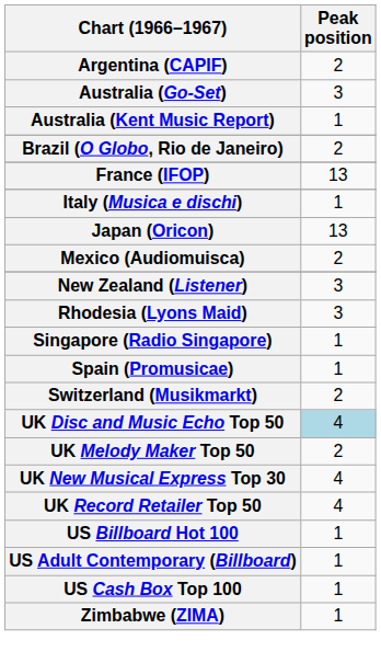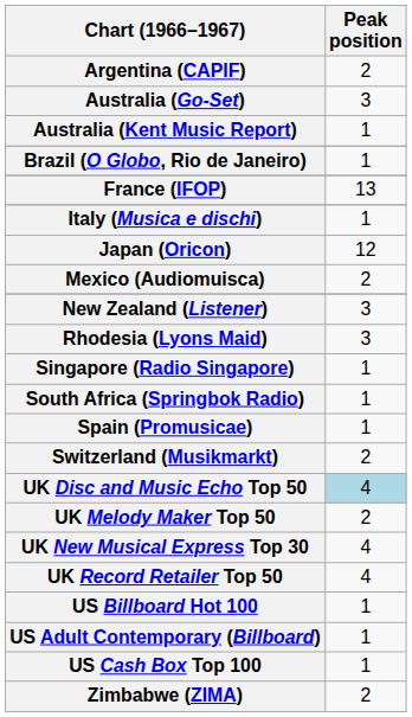 <table class="wikitable sortable plainrowheaders" style="text-align:center">
 <tr>
 <th>Chart (1966–1967)</th>
 <th>Peak<br>position</th>
 </tr>
 <tr>
 <th scope="row">Argentina (<a href='#'>CAPIF</a>) </th>
 <td>2</td>
 </tr>
 <tr>
 <th scope="row">Australia (<em><a href='#'>Go-Set</a></em>)</th>
 <td>3</td>
 </tr>
 <tr>
 <th scope="row">Australia (<a href='#'>Kent Music Report</a>)</th>
 <td>1</td>
 </tr>
 <tr>
 </tr>
 <tr>
 </tr>
 <tr>
 </tr>
 <tr>
 <th scope="row">Brazil (<em><a href='#'>O Globo</a></em>, Rio de Janeiro)</th>
-<td>2</td>
+<td>1</td>
 </tr>
 <tr>
 </tr>
 <tr>
 <th scope="row">France (<a href='#'>IFOP</a>)</th>
 <td align="center">13</td>
 </tr>
 <tr>
 </tr>
 <tr>
 </tr>
 <tr>
 <th scope="row">Italy (<em><a href='#'>Musica e dischi</a></em>)</th>
 <td>1</td>
 </tr>
 <tr>
 <th scope="row">Japan (<a href='#'>Oricon</a>) </th>
-<td>13</td>
+<td>12</td>
 </tr>
 <tr>
 <th scope="row">Mexico (Audiomuisca)</th>
 <td>2</td>
 </tr>
 <tr>
 </tr>
 <tr>
 <th scope="row">New Zealand (<em><a href='#'>Listener</a></em>)</th>
 <td>3</td>
 </tr>
 <tr>
 <th scope="row">Rhodesia (<a href='#'>Lyons Maid</a>)</th>
 <td>3</td>
 </tr>
 <tr>
 <th scope="row">Singapore (<a href='#'>Radio Singapore</a>)</th>
+<td>1</td>
+</tr>
+<tr>
+<th scope="row">South Africa (<a href='#'>Springbok Radio</a>)</th>
 <td>1</td>
 </tr>
 <tr>
 <th scope="row">Spain (<a href='#'>Promusicae</a>)</th>
 <td>1</td>
 </tr>
 <tr>
 <th scope="row">Switzerland (<a href='#'>Musikmarkt</a>)</th>
 <td>2</td>
 </tr>
 <tr>
 <th scope="row">UK <em><a href='#'>Disc and Music Echo</a></em> Top 50</th>
 <td style="background: lightblue;">4</td>
 </tr>
 <tr>
 <th scope="row">UK <em><a href='#'>Melody Maker</a></em> Top 50</th>
 <td>2</td>
 </tr>
 <tr>
 <th scope="row">UK <em><a href='#'>New Musical Express</a></em> Top 30</th>
 <td>4</td>
 </tr>
 <tr>
 <th scope="row">UK <em><a href='#'>Record Retailer</a></em> Top 50</th>
 <td>4</td>
 </tr>
 <tr>
 <th scope="row">US <a href='#'><em>Billboard</em> Hot 100</a></th>
 <td>1</td>
 </tr>
 <tr>
 <th scope="row">US <a href='#'>Adult Contemporary</a> (<em><a href='#'>Billboard</a></em>)</th>
 <td>1</td>
 </tr>
 <tr>
 <th scope="row">US <a href='#'><em>Cash Box</em></a> Top 100</th>
 <td>1</td>
 </tr>
 <tr>
 <th scope="row">Zimbabwe (<a href='#'>ZIMA</a>)</th>
-<td style="text-align:center;">1</td>
+<td style="text-align:center;">2</td>
 </tr>
 </table>
